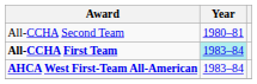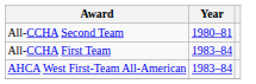 <table class="wikitable">
 <tr>
 <th>Award</th>
 <th>Year</th>
 <th></th>
 </tr>
 <tr>
 <td>All-<a href='#'>CCHA</a> <a href='#'>Second Team</a></td>
 <td><a href='#'>1980–81</a></td>
 <td></td>
 </tr>
 <tr>
-<td><strong>All-<a href='#'>CCHA</a> <a href='#'>First Team</a></strong></td>
-<td style="background: paleturquoise;"><a href='#'>1983–84</a></td>
+<td>All-<a href='#'>CCHA</a> <a href='#'>First Team</a></td>
+<td><a href='#'>1983–84</a></td>
 <td></td>
 </tr>
 <tr>
-<td><strong><a href='#'>AHCA</a> <a href='#'>West First-Team All-American</a></strong></td>
+<td><a href='#'>AHCA</a> <a href='#'>West First-Team All-American</a></td>
 <td><a href='#'>1983–84</a></td>
 <td></td>
 </tr>
 <tr>
 </tr>
 </table>
